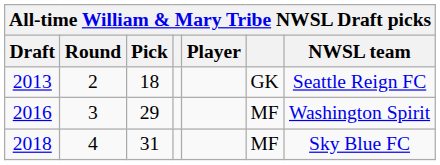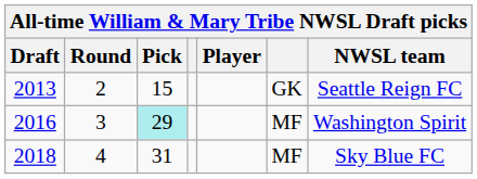 <table class="wikitable sortable" style="text-align: center;">
 <tr>
 <th colspan="7" style="background:#">All-time <a href='#'><span>William & Mary Tribe</span></a> NWSL Draft picks</th>
 </tr>
 <tr>
 <th scope="col">Draft</th>
 <th scope="col">Round</th>
 <th scope="col">Pick</th>
 <th scope="col"></th>
 <th scope="col">Player</th>
 <th scope="col"></th>
 <th scope="col">NWSL team</th>
 </tr>
 <tr>
 <td><a href='#'>2013</a></td>
 <td>2</td>
-<td>18</td>
+<td>15</td>
 <td></td>
 <td></td>
 <td>GK</td>
 <td><a href='#'>Seattle Reign FC</a></td>
 </tr>
 <tr>
 <td><a href='#'>2016</a></td>
 <td>3</td>
-<td>29</td>
+<td style="background: paleturquoise;">29</td>
 <td></td>
 <td></td>
 <td>MF</td>
 <td><a href='#'>Washington Spirit</a></td>
 </tr>
 <tr>
 <td><a href='#'>2018</a></td>
 <td>4</td>
 <td>31</td>
 <td></td>
 <td></td>
 <td>MF</td>
 <td><a href='#'>Sky Blue FC</a></td>
 </tr>
 </table>
